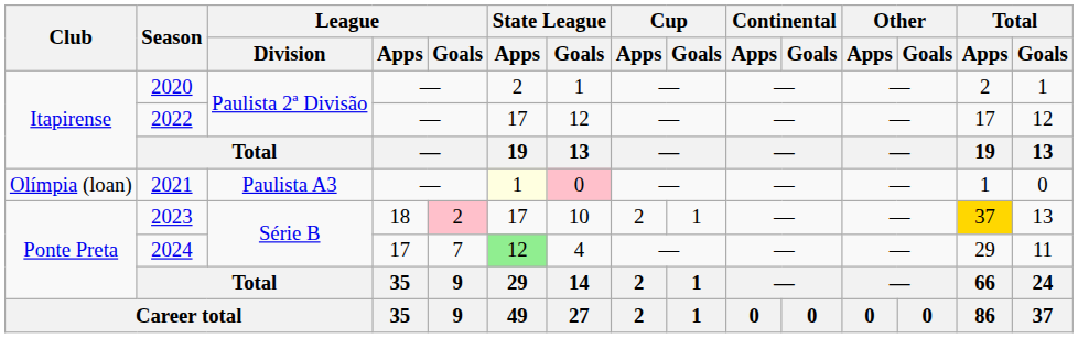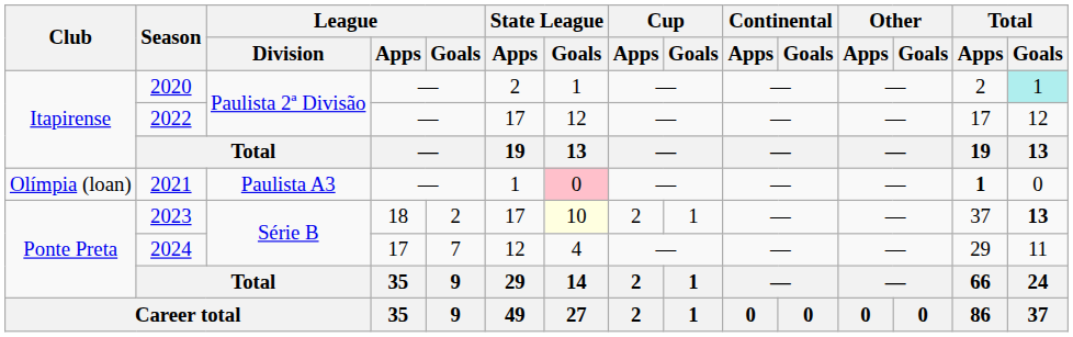 <table class="wikitable" style="text-align: center;">
 <tr>
 <th rowspan="2">Club</th>
 <th rowspan="2">Season</th>
 <th colspan="3">League</th>
 <th colspan="2">State League</th>
 <th colspan="2">Cup</th>
 <th colspan="2">Continental</th>
 <th colspan="2">Other</th>
 <th colspan="2">Total</th>
 </tr>
 <tr>
 <th>Division</th>
 <th>Apps</th>
 <th>Goals</th>
 <th>Apps</th>
 <th>Goals</th>
 <th>Apps</th>
 <th>Goals</th>
 <th>Apps</th>
 <th>Goals</th>
 <th>Apps</th>
 <th>Goals</th>
 <th>Apps</th>
 <th>Goals</th>
 </tr>
 <tr>
 <td rowspan="3" valign="center"><a href='#'>Itapirense</a></td>
 <td><a href='#'>2020</a></td>
 <td rowspan="2"><a href='#'>Paulista 2ª Divisão</a></td>
 <td colspan="2">—</td>
 <td>2</td>
 <td>1</td>
 <td colspan="2">—</td>
 <td colspan="2">—</td>
 <td colspan="2">—</td>
 <td>2</td>
-<td>1</td>
+<td style="background: paleturquoise;">1</td>
 </tr>
 <tr>
 <td><a href='#'>2022</a></td>
 <td colspan="2">—</td>
 <td>17</td>
 <td>12</td>
 <td colspan="2">—</td>
 <td colspan="2">—</td>
 <td colspan="2">—</td>
 <td>17</td>
 <td>12</td>
 </tr>
 <tr>
 <th colspan="2">Total</th>
 <th colspan="2">—</th>
 <th>19</th>
 <th>13</th>
 <th colspan="2">—</th>
 <th colspan="2">—</th>
 <th colspan="2">—</th>
 <th>19</th>
 <th>13</th>
 </tr>
 <tr>
 <td valign="center"><a href='#'>Olímpia</a> (loan)</td>
 <td><a href='#'>2021</a></td>
 <td><a href='#'>Paulista A3</a></td>
 <td colspan="2">—</td>
-<td style="background: lightyellow;">1</td>
+<td>1</td>
 <td style="background: pink;">0</td>
 <td colspan="2">—</td>
 <td colspan="2">—</td>
 <td colspan="2">—</td>
-<td>1</td>
+<td><strong>1</strong></td>
 <td>0</td>
 </tr>
 <tr>
 <td rowspan="3" valign="center"><a href='#'>Ponte Preta</a></td>
 <td><a href='#'>2023</a></td>
 <td rowspan="2"><a href='#'>Série B</a></td>
 <td>18</td>
-<td style="background: pink;">2</td>
+<td>2</td>
 <td>17</td>
-<td>10</td>
+<td style="background: lightyellow;">10</td>
 <td>2</td>
 <td>1</td>
 <td colspan="2">—</td>
 <td colspan="2">—</td>
-<td style="background: gold;">37</td>
-<td>13</td>
+<td>37</td>
+<td><strong>13</strong></td>
 </tr>
 <tr>
 <td><a href='#'>2024</a></td>
 <td>17</td>
 <td>7</td>
-<td style="background: lightgreen;">12</td>
+<td>12</td>
 <td>4</td>
 <td colspan="2">—</td>
 <td colspan="2">—</td>
 <td colspan="2">—</td>
 <td>29</td>
 <td>11</td>
 </tr>
 <tr>
 <th colspan="2">Total</th>
 <th>35</th>
 <th>9</th>
 <th>29</th>
 <th>14</th>
 <th>2</th>
 <th>1</th>
 <th colspan="2">—</th>
 <th colspan="2">—</th>
 <th>66</th>
 <th>24</th>
 </tr>
 <tr>
 <th colspan="3"><strong>Career total</strong></th>
 <th>35</th>
 <th>9</th>
 <th>49</th>
 <th>27</th>
 <th>2</th>
 <th>1</th>
 <th>0</th>
 <th>0</th>
 <th>0</th>
 <th>0</th>
 <th>86</th>
 <th>37</th>
 </tr>
 </table>
